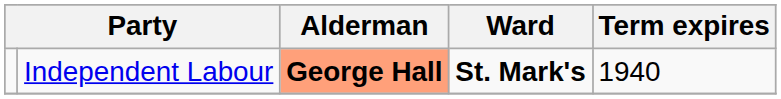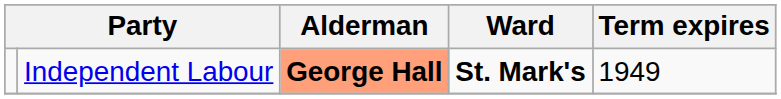 <table class="wikitable">
 <tr>
 <th colspan="2">Party</th>
 <th>Alderman</th>
 <th>Ward</th>
 <th>Term expires</th>
 </tr>
 <tr>
 <td style="background-color:"></td>
 <td><a href='#'>Independent Labour</a></td>
 <td style="background: lightsalmon;"><strong>George Hall</strong></td>
 <td><strong>St. Mark's</strong></td>
-<td>1940</td>
+<td>1949</td>
 </tr>
 <tr>
 </tr>
 </table>
